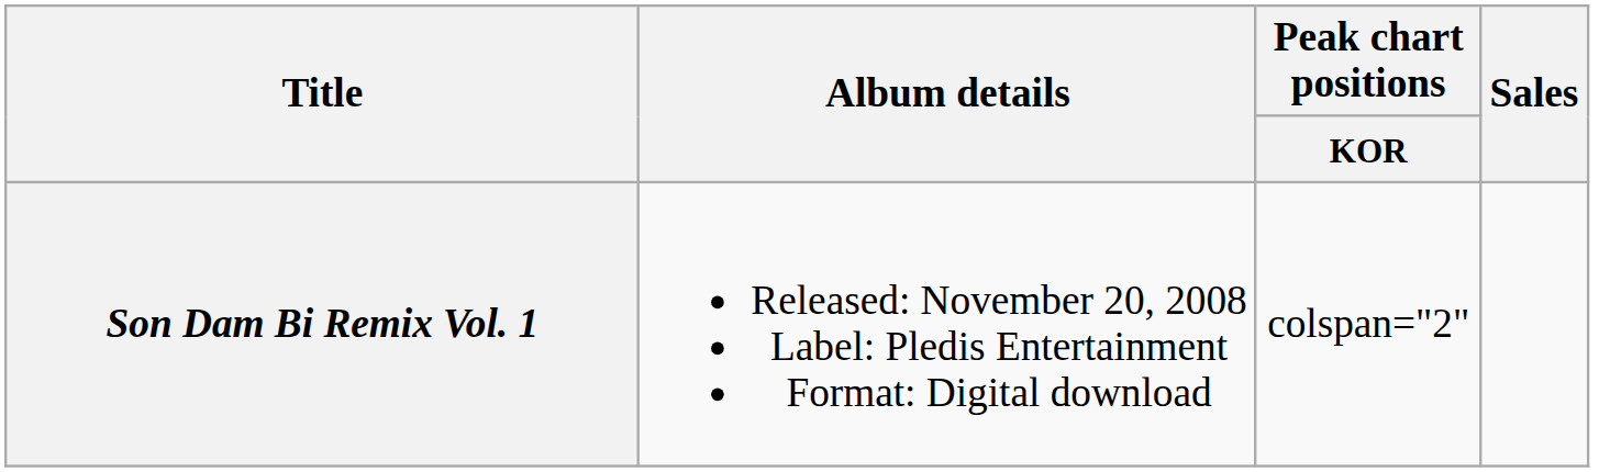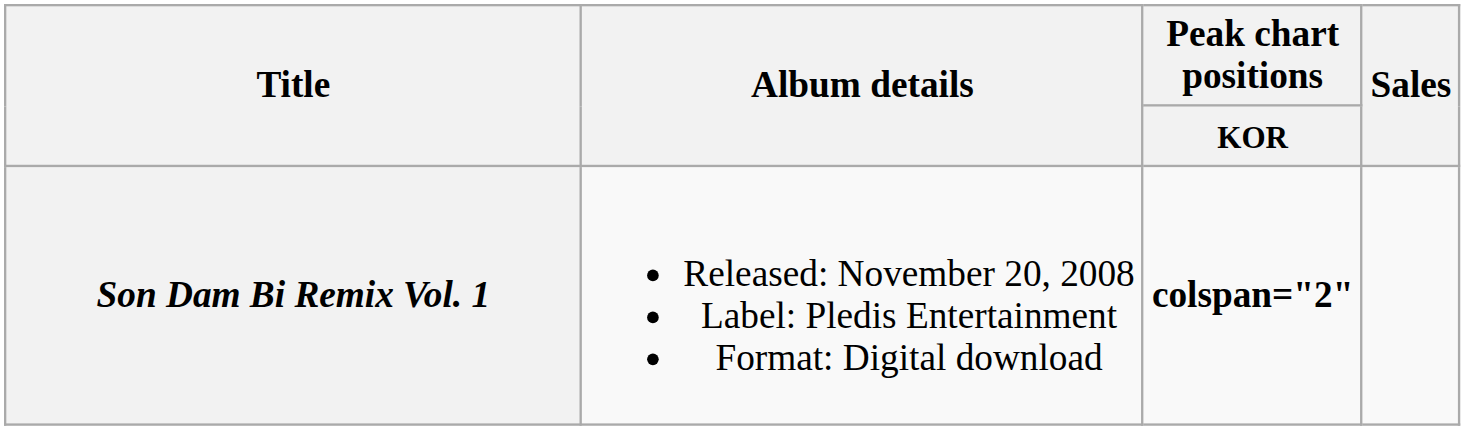 <table class="wikitable plainrowheaders" style="text-align:center;">
 <tr>
 <th scope="col" rowspan="2" style="width:15em;">Title</th>
 <th scope="col" rowspan="2">Album details</th>
 <th scope="col" colspan="1" style="width:5em;">Peak chart positions</th>
 <th scope="col" rowspan="2">Sales</th>
 </tr>
 <tr>
 <th><small>KOR</small></th>
 </tr>
 <tr>
 <th scope="row"><em>Son Dam Bi Remix Vol. 1</em></th>
 <td><br><ul><li>Released: November 20, 2008</li><li>Label: Pledis Entertainment</li><li>Format: Digital download</li></ul></td>
-<td>colspan="2" </td>
+<td><strong>colspan="2" </strong></td>
 </tr>
 </table>
